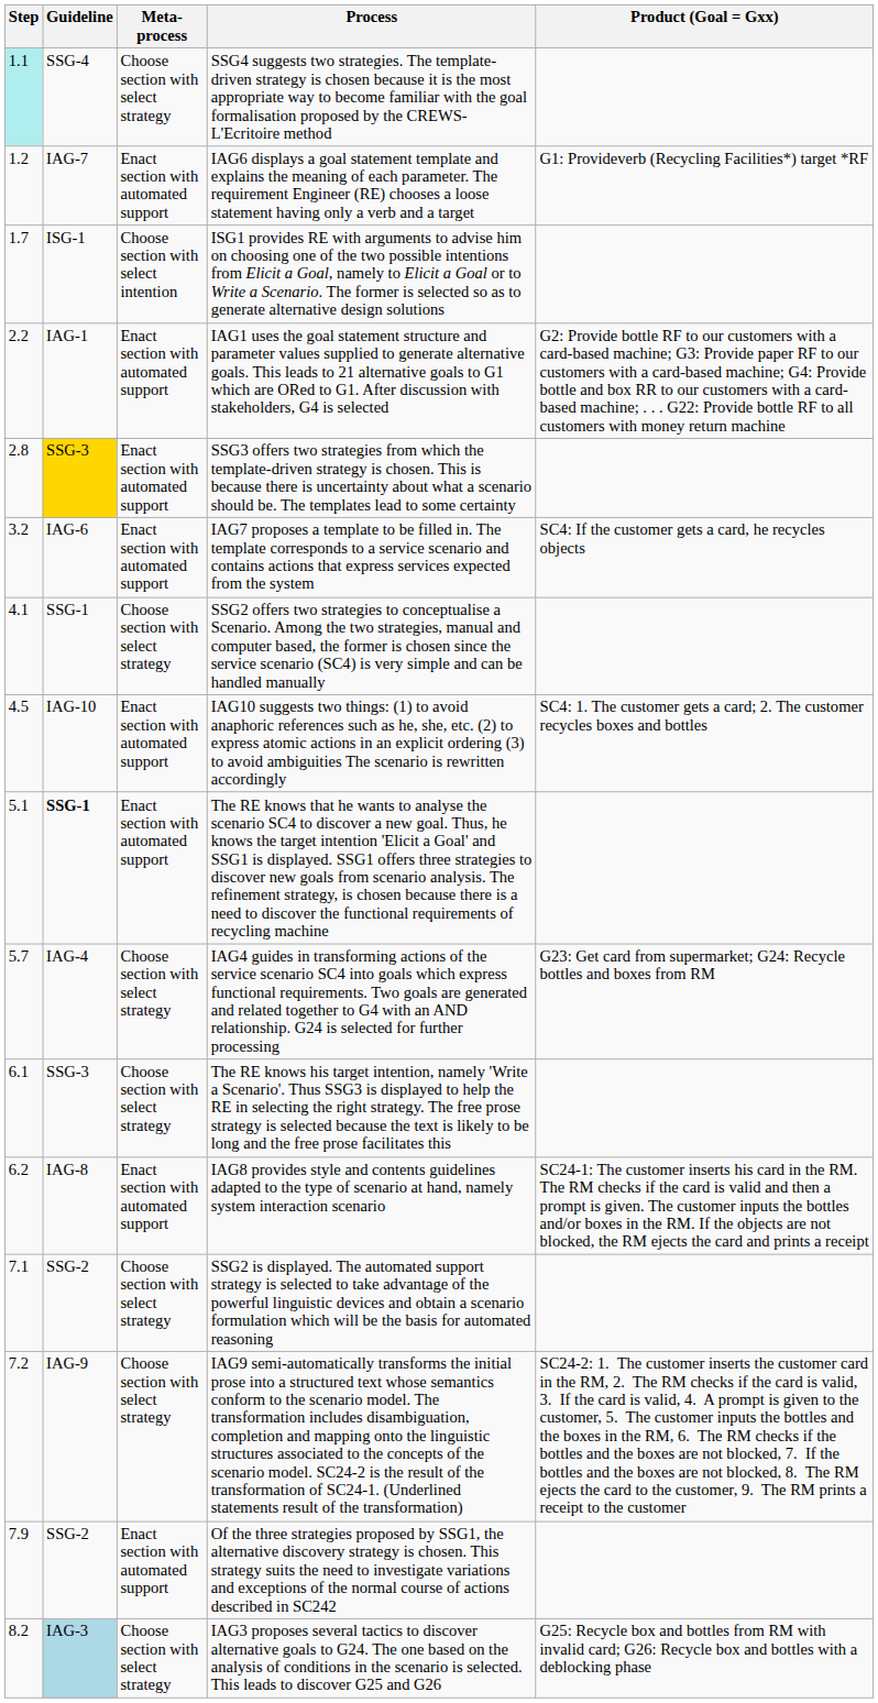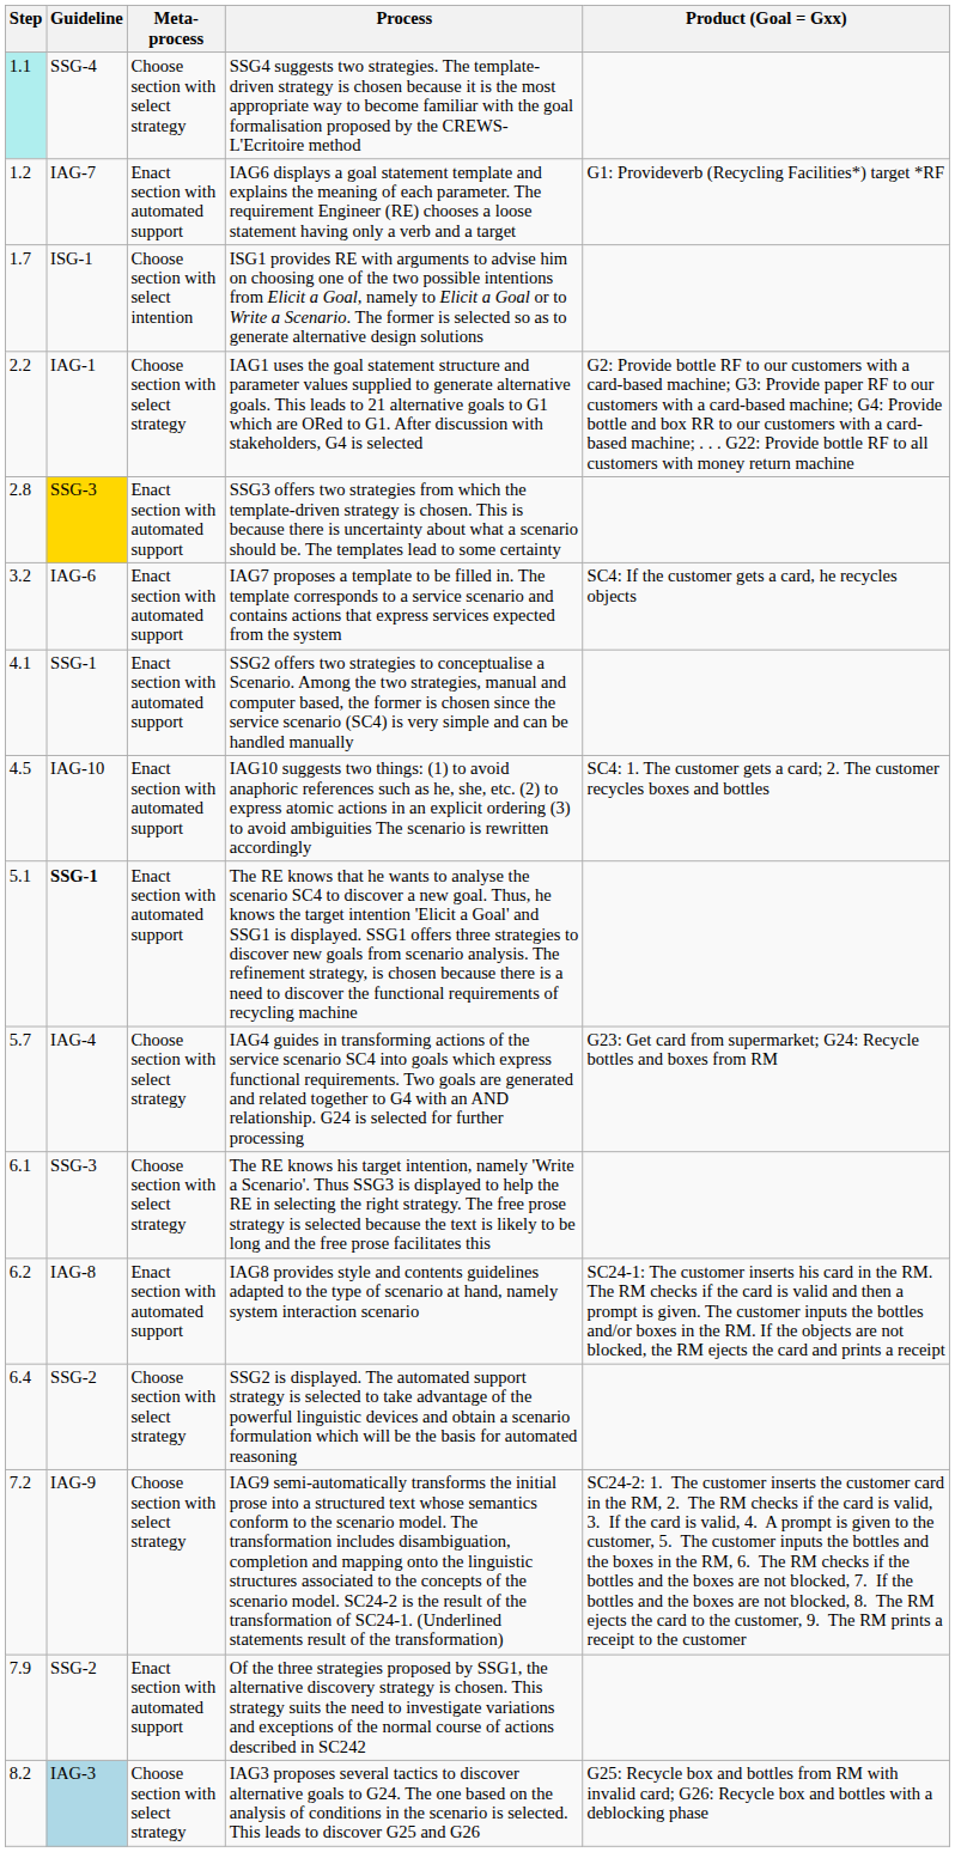 <table class="wikitable">
 <tr valign=top>
 <th>Step</th>
 <th>Guideline</th>
 <th>Meta-process</th>
 <th>Process</th>
 <th>Product (Goal = Gxx)</th>
 </tr>
 <tr valign=top>
 <td style="background: paleturquoise;">1.1</td>
 <td>SSG-4</td>
 <td>Choose section with select strategy</td>
 <td>SSG4 suggests two strategies. The template-driven strategy is chosen because it is the most appropriate way to become familiar with the goal formalisation proposed by the CREWS-L'Ecritoire method</td>
 <td> </td>
 </tr>
 <tr valign=top>
 <td>1.2</td>
 <td>IAG-7</td>
 <td>Enact section with automated support</td>
 <td>IAG6 displays a goal statement template and explains the meaning of each parameter. The requirement Engineer (RE) chooses a loose statement having only a verb and a target</td>
 <td>G1: Provideverb (Recycling Facilities*) target *RF</td>
 </tr>
 <tr valign=top>
 <td>1.7</td>
 <td>ISG-1</td>
 <td>Choose section with select intention</td>
 <td>ISG1 provides RE with arguments to advise him on choosing one of the two possible intentions from <em>Elicit a Goal</em>, namely to <em>Elicit a Goal</em> or to <em>Write a Scenario</em>. The former is selected so as to generate alternative design solutions</td>
 <td> </td>
 </tr>
 <tr valign=top>
 <td>2.2</td>
 <td>IAG-1</td>
-<td>Enact section with automated support</td>
+<td>Choose section with select strategy</td>
 <td>IAG1 uses the goal statement structure and parameter values supplied to generate alternative goals. This leads to 21 alternative goals to G1 which are ORed to G1. After discussion with stakeholders, G4 is selected</td>
 <td>G2: Provide bottle RF to our customers with a card-based machine; G3: Provide paper RF to our customers with a card-based machine; G4: Provide bottle and box RR to our customers with a card-based machine;  . . . G22: Provide bottle RF to all customers with money return machine</td>
 </tr>
 <tr valign=top>
 <td>2.8</td>
 <td style="background: gold;">SSG-3</td>
 <td>Enact section with automated support</td>
 <td>SSG3 offers two strategies from which the template-driven strategy is chosen. This is because there is uncertainty about what a scenario should be. The templates lead to some certainty</td>
 <td> </td>
 </tr>
 <tr valign=top>
 <td>3.2</td>
 <td>IAG-6</td>
 <td>Enact section with automated support</td>
 <td>IAG7 proposes a template to be filled in. The template corresponds to a service scenario and contains actions that express services expected from the system</td>
 <td>SC4: If the customer gets a card, he recycles objects</td>
 </tr>
 <tr valign=top>
 <td>4.1</td>
 <td>SSG-1</td>
-<td>Choose section with select strategy</td>
+<td>Enact section with automated support</td>
 <td>SSG2 offers two strategies to conceptualise a Scenario. Among the two strategies, manual and computer based, the former is chosen since the service scenario (SC4) is very simple and can be handled manually</td>
 <td> </td>
 </tr>
 <tr valign=top>
 <td>4.5</td>
 <td>IAG-10</td>
 <td>Enact section with automated support</td>
 <td>IAG10 suggests two things: (1) to avoid anaphoric references such as he, she, etc. (2) to express atomic actions in an explicit ordering (3) to avoid ambiguities The scenario is rewritten accordingly</td>
 <td>SC4: 1. The customer gets a card; 2. The customer recycles boxes and bottles</td>
 </tr>
 <tr valign=top>
 <td>5.1</td>
 <td><strong>SSG-1</strong></td>
 <td>Enact section with automated support</td>
 <td>The RE knows that he wants to analyse the scenario SC4 to discover a new goal. Thus, he knows the target intention 'Elicit a Goal' and SSG1 is displayed. SSG1 offers three strategies to discover new goals from scenario analysis. The refinement strategy, is chosen because there is a need to discover the functional requirements of recycling machine</td>
 <td> </td>
 </tr>
 <tr valign=top>
 <td>5.7</td>
 <td>IAG-4</td>
 <td>Choose section with select strategy</td>
 <td>IAG4 guides in transforming actions of the service scenario SC4 into goals which express functional requirements. Two goals are generated and related together to G4 with an AND relationship. G24 is selected for further processing</td>
 <td>G23: Get card from supermarket; G24: Recycle bottles and boxes from RM</td>
 </tr>
 <tr valign=top>
 <td>6.1</td>
 <td>SSG-3</td>
 <td>Choose section with select strategy</td>
 <td>The RE knows his target intention, namely 'Write a Scenario'. Thus SSG3 is displayed to help the RE in selecting the right strategy. The free prose strategy is selected because the text is likely to be long and the free prose facilitates this</td>
 <td> </td>
 </tr>
 <tr valign=top>
 <td>6.2</td>
 <td>IAG-8</td>
 <td>Enact section with automated support</td>
 <td>IAG8 provides style and contents guidelines adapted to the type of scenario at hand, namely system interaction scenario</td>
 <td>SC24-1: The customer inserts his card in the RM. The RM checks if the card is valid and then a prompt is given. The customer inputs the bottles and/or boxes in the RM. If the objects are not blocked, the RM ejects the card and prints a receipt</td>
 </tr>
 <tr valign=top>
-<td>7.1</td>
+<td>6.4</td>
 <td>SSG-2</td>
 <td>Choose section with select strategy</td>
 <td>SSG2 is displayed. The automated support strategy is selected to take advantage of the powerful linguistic devices and obtain a scenario formulation which will be the basis for automated reasoning</td>
 <td> </td>
 </tr>
 <tr valign=top>
 <td>7.2</td>
 <td>IAG-9</td>
 <td>Choose section with select strategy</td>
 <td>IAG9 semi-automatically transforms the initial prose into a structured text whose semantics conform to the scenario model. The transformation includes disambiguation, completion and mapping onto the linguistic structures associated to the concepts of the scenario model. SC24-2 is the result of the transformation of SC24-1. (Underlined statements result of the transformation)</td>
 <td>SC24-2: 1.  The customer inserts the customer card in the RM, 2.  The RM checks if the card is valid, 3.  If the card is valid, 4.  A prompt is given to the customer, 5.  The customer inputs the bottles and the boxes in the RM, 6.  The RM checks if the bottles and the boxes are not blocked, 7.  If the bottles and the boxes are not blocked, 8.  The RM ejects the card to the customer, 9.  The RM prints a receipt to the customer</td>
 </tr>
 <tr valign=top>
 <td>7.9</td>
 <td>SSG-2</td>
 <td>Enact section with automated support</td>
 <td>Of the three strategies proposed by SSG1, the alternative discovery strategy is chosen. This strategy suits the need to investigate variations and exceptions of the normal course of actions described in SC242</td>
 <td> </td>
 </tr>
 <tr valign=top>
 <td>8.2</td>
 <td style="background: lightblue;">IAG-3</td>
 <td>Choose section with select strategy</td>
 <td>IAG3 proposes several tactics to discover alternative goals to G24. The one based on the analysis of conditions in the scenario is selected. This leads to discover G25 and G26</td>
 <td>G25: Recycle box and bottles from RM with invalid card; G26: Recycle box and bottles with a deblocking phase</td>
 </tr>
 </table>
